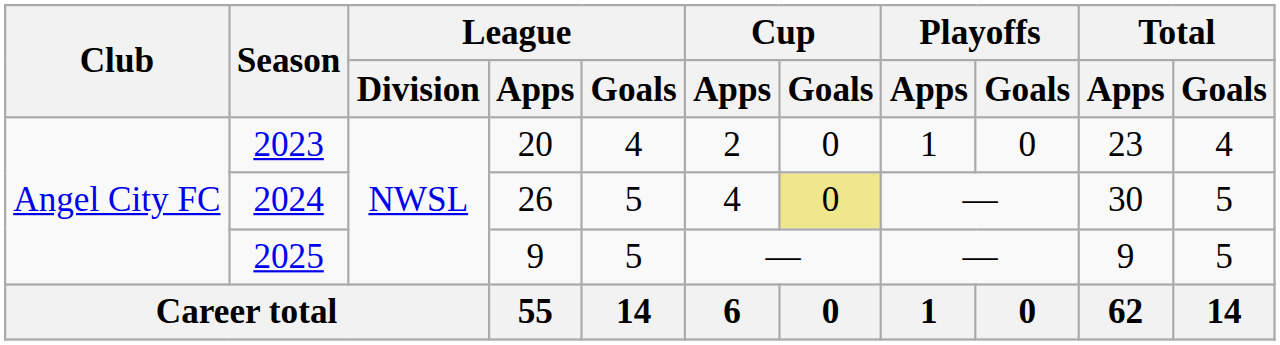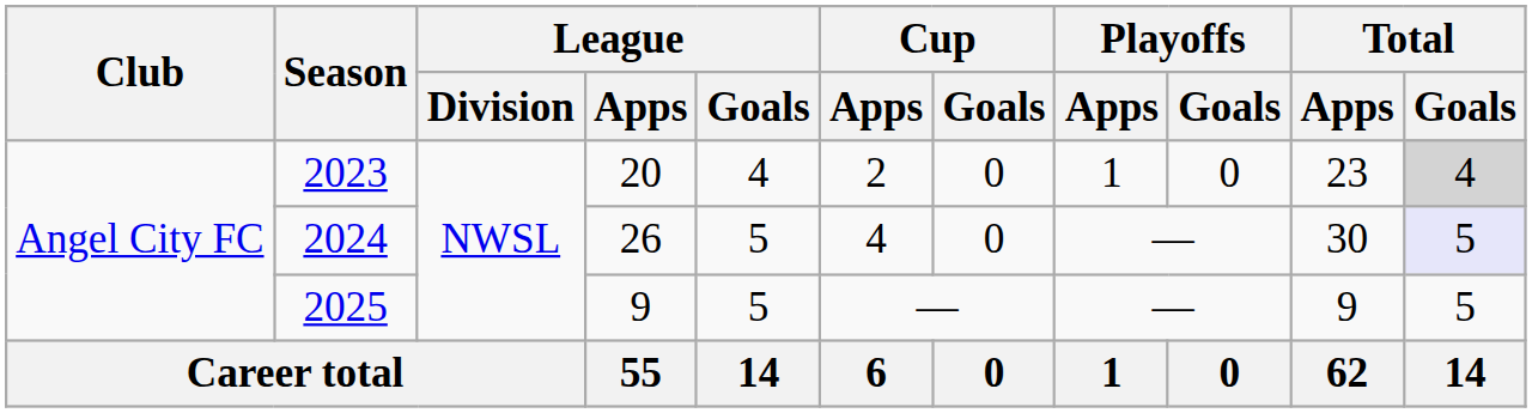 <table class="wikitable" style="text-align: center;">
 <tr>
 <th rowspan="2">Club</th>
 <th rowspan="2">Season</th>
 <th colspan="3">League</th>
 <th colspan="2">Cup</th>
 <th colspan="2">Playoffs</th>
 <th colspan="2">Total</th>
 </tr>
 <tr>
 <th>Division</th>
 <th>Apps</th>
 <th>Goals</th>
 <th>Apps</th>
 <th>Goals</th>
 <th>Apps</th>
 <th>Goals</th>
 <th>Apps</th>
 <th>Goals</th>
 </tr>
 <tr>
 <td rowspan="3"><a href='#'>Angel City FC</a></td>
 <td><a href='#'>2023</a></td>
 <td rowspan="3"><a href='#'>NWSL</a></td>
 <td>20</td>
 <td>4</td>
 <td>2</td>
 <td>0</td>
 <td>1</td>
 <td>0</td>
 <td>23</td>
-<td>4</td>
+<td style="background: lightgrey;">4</td>
 </tr>
 <tr>
 <td><a href='#'>2024</a></td>
 <td>26</td>
 <td>5</td>
 <td>4</td>
-<td style="background: khaki;">0</td>
+<td>0</td>
 <td colspan="2">—</td>
 <td>30</td>
-<td>5</td>
+<td style="background: lavender;">5</td>
 </tr>
 <tr>
 <td><a href='#'>2025</a></td>
 <td>9</td>
 <td>5</td>
 <td colspan="2">—</td>
 <td colspan="2">—</td>
 <td>9</td>
 <td>5</td>
 </tr>
 <tr>
 <th colspan="3">Career total</th>
 <th>55</th>
 <th>14</th>
 <th>6</th>
 <th>0</th>
 <th>1</th>
 <th>0</th>
 <th>62</th>
 <th>14</th>
 </tr>
 </table>
